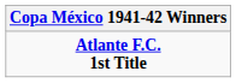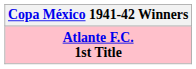 <table class="wikitable" style="text-align: center; margin: 0 auto;">
 <tr>
 <th><a href='#'>Copa México</a> 1941-42 Winners</th>
 </tr>
 <tr>
-<td><strong><a href='#'>Atlante F.C.</a></strong><br><strong>1st Title</strong></td>
+<td style="background: pink;"><strong><a href='#'>Atlante F.C.</a></strong><br><strong>1st Title</strong></td>
 </tr>
 </table>
